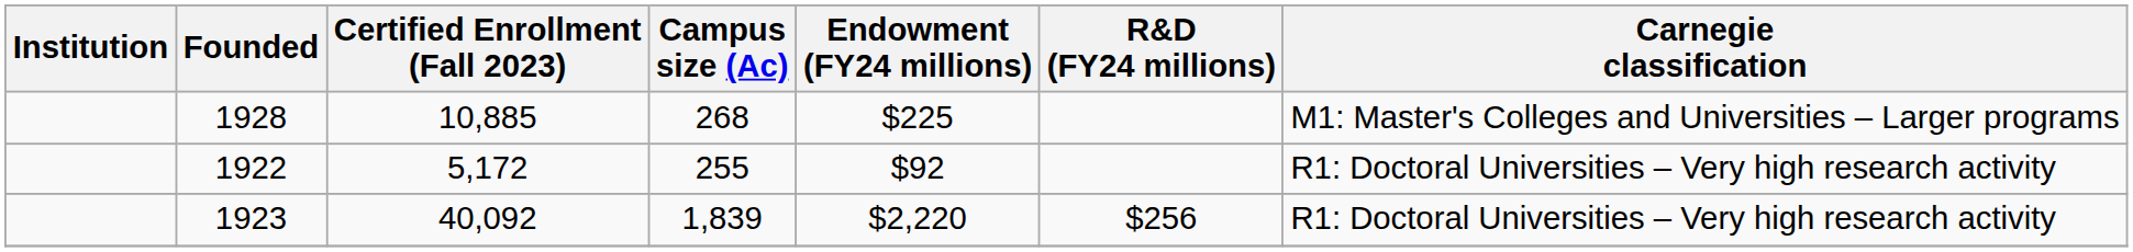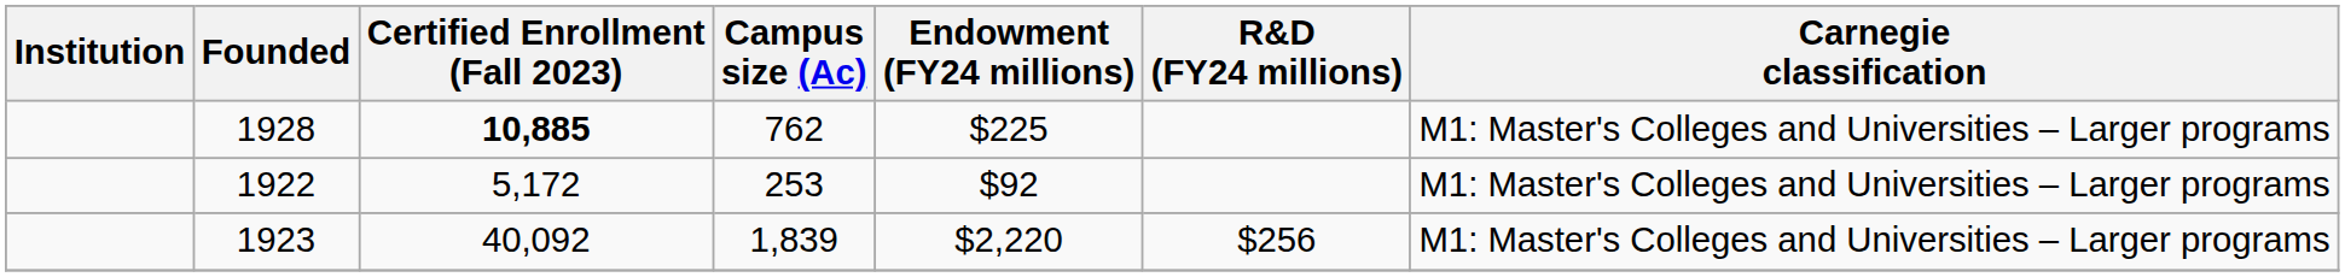 <table class="wikitable sortable plainrowheaders" style="border:2px solid # ">
 <tr>
 <th scope="col">Institution</th>
 <th scope="col">Founded</th>
 <th scope="col">Certified Enrollment<br>(Fall 2023)</th>
 <th scope="col">Campus<br>size <a href='#'>(Ac)</a></th>
 <th scope="col">Endowment<br>(FY24 millions)</th>
 <th scope="col">R&D<br>(FY24 millions)</th>
 <th scope="col">Carnegie<br>classification</th>
 </tr>
 <tr>
 <td></td>
 <td align="center">1928</td>
-<td align="center">10,885</td>
-<td align="center">268</td>
+<td align="center"><strong>10,885</strong></td>
+<td align="center">762</td>
 <td align="center">$225</td>
 <td align="right"></td>
 <td>M1: Master's Colleges and Universities – Larger programs</td>
 </tr>
 <tr>
 <td></td>
 <td align="center">1922</td>
 <td align="center">5,172</td>
-<td align="center">255</td>
+<td align="center">253</td>
 <td align="center">$92</td>
 <td align="right"></td>
-<td>R1: Doctoral Universities – Very high research activity</td>
+<td>M1: Master's Colleges and Universities – Larger programs</td>
 </tr>
 <tr>
 <td></td>
 <td align="center">1923</td>
 <td align="center">40,092</td>
 <td align="center">1,839</td>
 <td align="center">$2,220</td>
 <td align="center">$256</td>
-<td>R1: Doctoral Universities – Very high research activity</td>
+<td>M1: Master's Colleges and Universities – Larger programs</td>
 </tr>
 <tr>
 </tr>
 </table>
